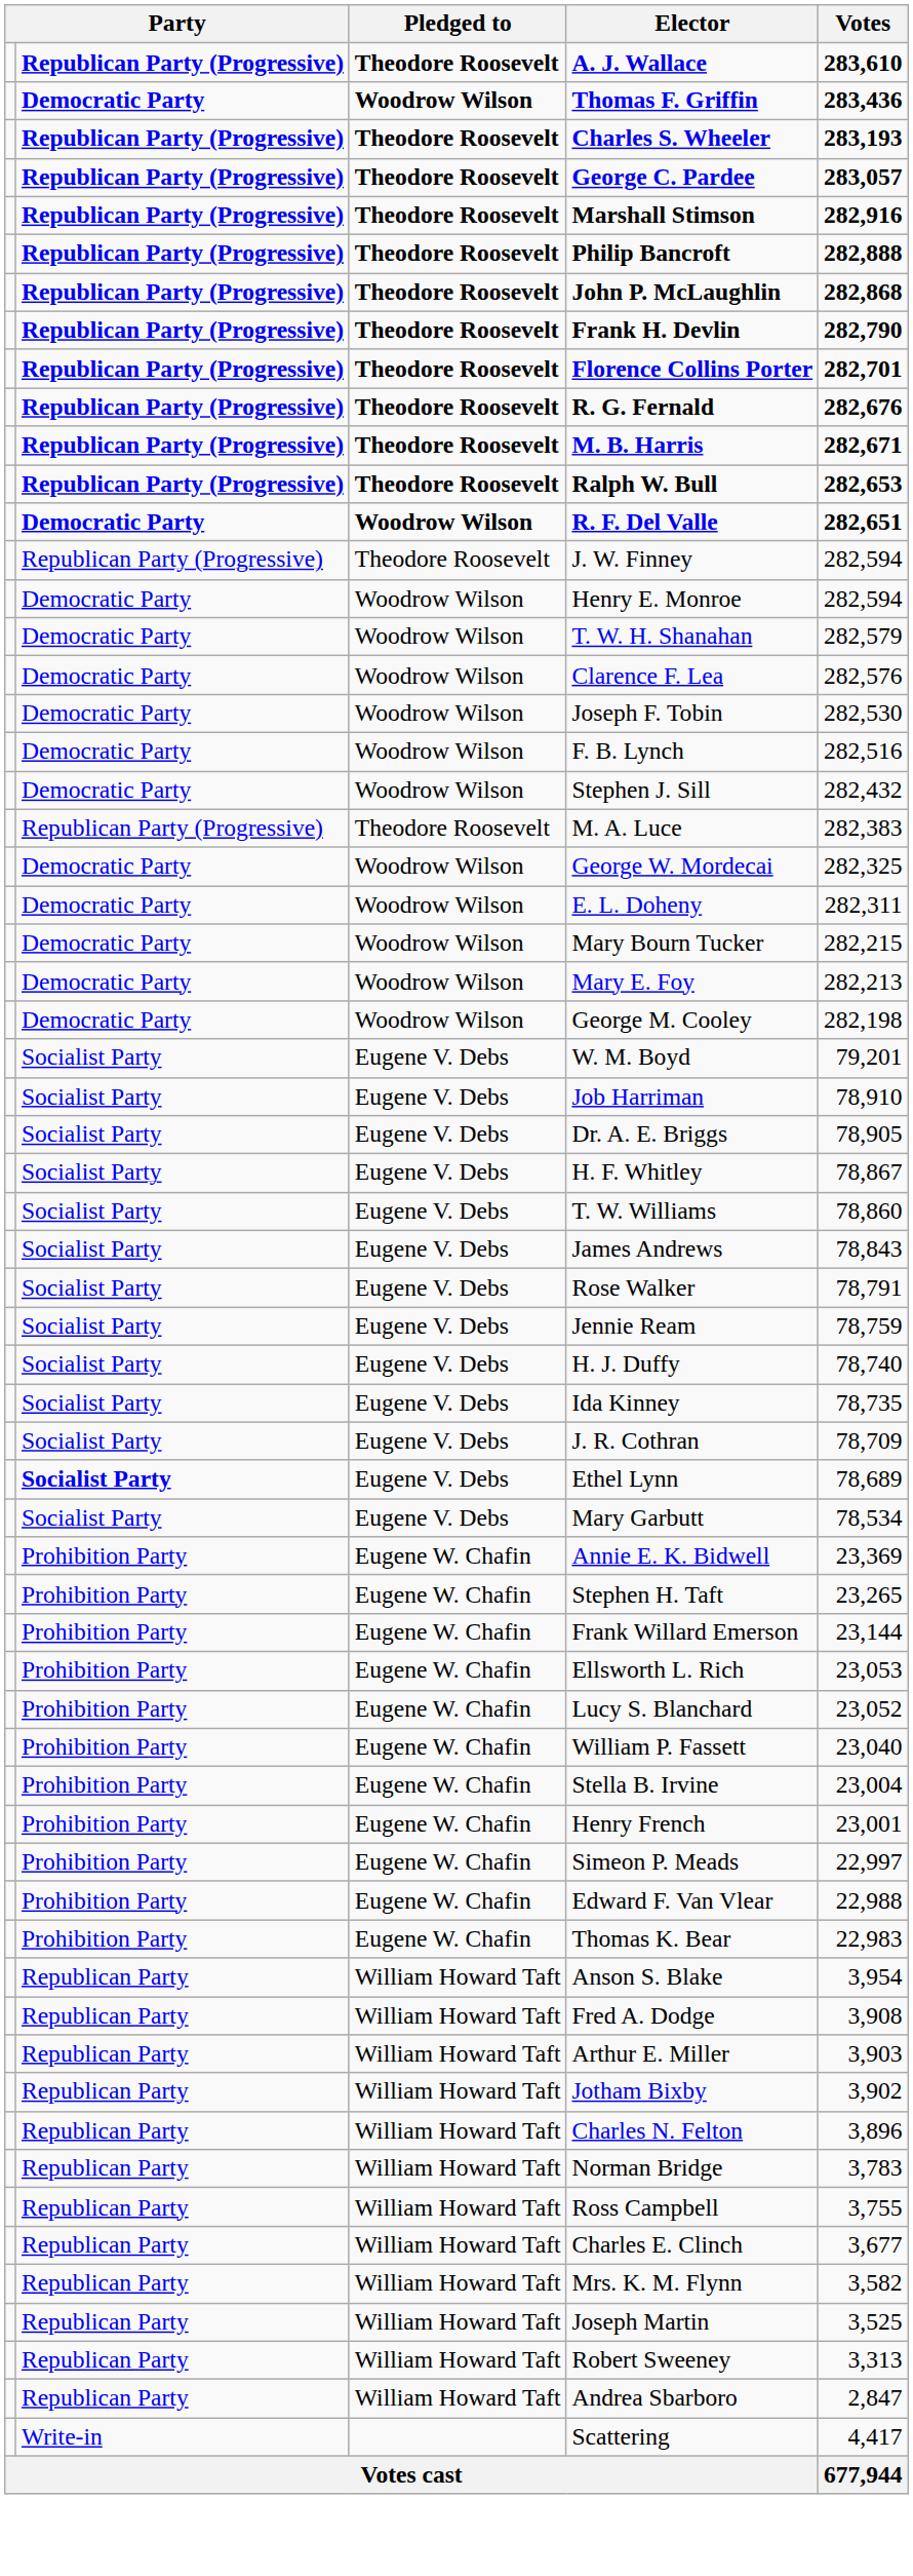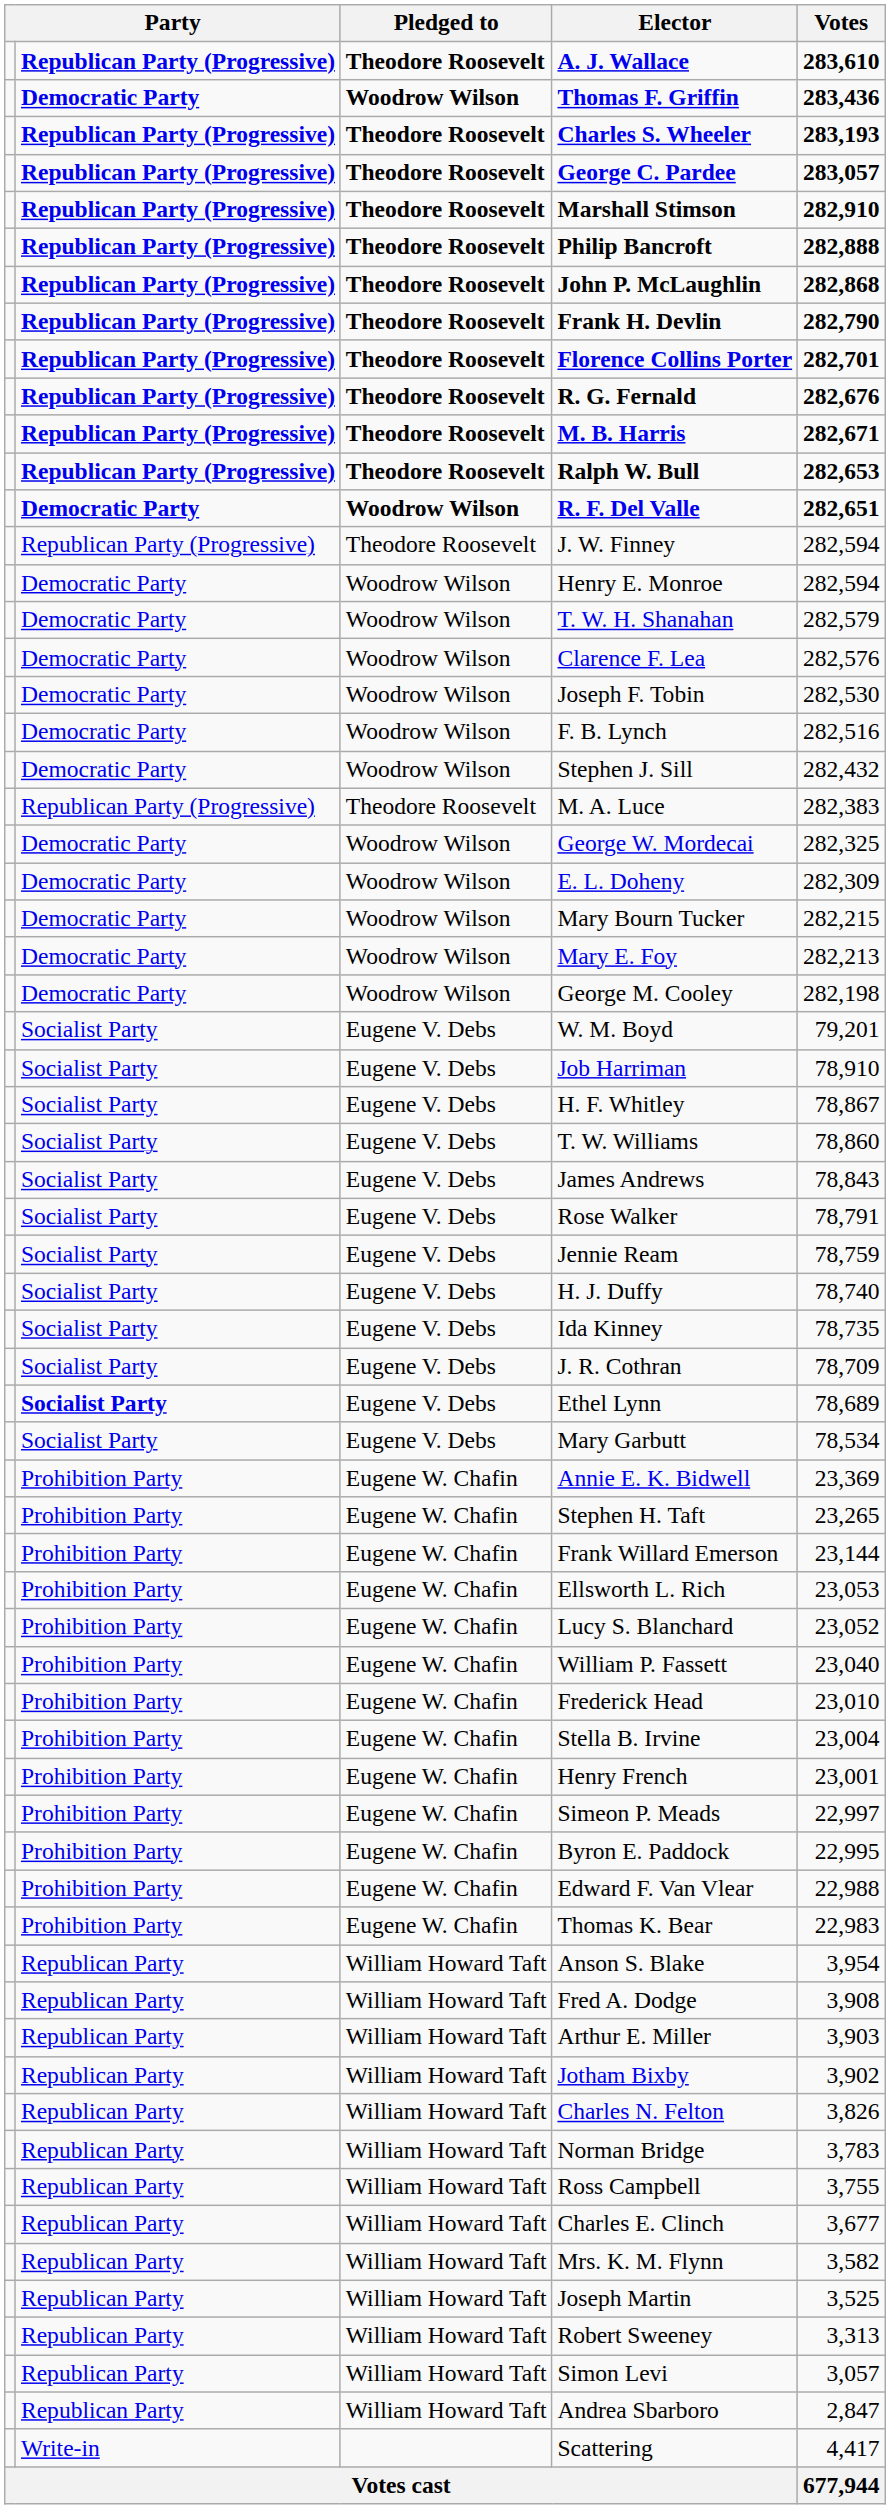 <table class="wikitable">
 <tr>
 <th colspan=2>Party</th>
 <th>Pledged to</th>
 <th>Elector</th>
 <th>Votes</th>
 </tr>
 <tr style="font-weight:bold">
 <td></td>
 <td><a href='#'>Republican Party (Progressive)</a></td>
 <td>Theodore Roosevelt</td>
 <td><a href='#'>A. J. Wallace</a></td>
 <td align=right>283,610</td>
 </tr>
 <tr style="font-weight:bold">
 <td bgcolor=></td>
 <td><a href='#'>Democratic Party</a></td>
 <td>Woodrow Wilson</td>
 <td><a href='#'>Thomas F. Griffin</a></td>
 <td align="right">283,436</td>
 </tr>
 <tr style="font-weight:bold">
 <td></td>
 <td><a href='#'>Republican Party (Progressive)</a></td>
 <td>Theodore Roosevelt</td>
 <td><a href='#'>Charles S. Wheeler</a></td>
 <td align=right>283,193</td>
 </tr>
 <tr style="font-weight:bold">
 <td></td>
 <td><a href='#'>Republican Party (Progressive)</a></td>
 <td>Theodore Roosevelt</td>
 <td><a href='#'>George C. Pardee</a></td>
 <td align=right>283,057</td>
 </tr>
 <tr style="font-weight:bold">
 <td></td>
 <td><a href='#'>Republican Party (Progressive)</a></td>
 <td>Theodore Roosevelt</td>
 <td>Marshall Stimson</td>
-<td align=right>282,916</td>
+<td align=right>282,910</td>
 </tr>
 <tr style="font-weight:bold">
 <td></td>
 <td><a href='#'>Republican Party (Progressive)</a></td>
 <td>Theodore Roosevelt</td>
 <td>Philip Bancroft</td>
 <td align=right>282,888</td>
 </tr>
 <tr style="font-weight:bold">
 <td></td>
 <td><a href='#'>Republican Party (Progressive)</a></td>
 <td>Theodore Roosevelt</td>
 <td>John P. McLaughlin</td>
 <td align=right>282,868</td>
 </tr>
 <tr style="font-weight:bold">
 <td></td>
 <td><a href='#'>Republican Party (Progressive)</a></td>
 <td>Theodore Roosevelt</td>
 <td>Frank H. Devlin</td>
 <td align=right>282,790</td>
 </tr>
 <tr style="font-weight:bold">
 <td></td>
 <td><a href='#'>Republican Party (Progressive)</a></td>
 <td>Theodore Roosevelt</td>
 <td><a href='#'>Florence Collins Porter</a></td>
 <td align=right>282,701</td>
 </tr>
 <tr style="font-weight:bold">
 <td></td>
 <td><a href='#'>Republican Party (Progressive)</a></td>
 <td>Theodore Roosevelt</td>
 <td>R. G. Fernald</td>
 <td align=right>282,676</td>
 </tr>
 <tr style="font-weight:bold">
 <td></td>
 <td><a href='#'>Republican Party (Progressive)</a></td>
 <td>Theodore Roosevelt</td>
 <td><a href='#'>M. B. Harris</a></td>
 <td align=right>282,671</td>
 </tr>
 <tr style="font-weight:bold">
 <td></td>
 <td><a href='#'>Republican Party (Progressive)</a></td>
 <td>Theodore Roosevelt</td>
 <td>Ralph W. Bull</td>
 <td align=right>282,653</td>
 </tr>
 <tr style="font-weight:bold">
 <td bgcolor=></td>
 <td><a href='#'>Democratic Party</a></td>
 <td>Woodrow Wilson</td>
 <td><a href='#'>R. F. Del Valle</a></td>
 <td align=right>282,651</td>
 </tr>
 <tr>
 <td></td>
 <td><a href='#'>Republican Party (Progressive)</a></td>
 <td>Theodore Roosevelt</td>
 <td>J. W. Finney</td>
 <td align=right>282,594</td>
 </tr>
 <tr>
 <td bgcolor=></td>
 <td><a href='#'>Democratic Party</a></td>
 <td>Woodrow Wilson</td>
 <td>Henry E. Monroe</td>
 <td align=right>282,594</td>
 </tr>
 <tr>
 <td bgcolor=></td>
 <td><a href='#'>Democratic Party</a></td>
 <td>Woodrow Wilson</td>
 <td><a href='#'>T. W. H. Shanahan</a></td>
 <td align=right>282,579</td>
 </tr>
 <tr>
 <td bgcolor=></td>
 <td><a href='#'>Democratic Party</a></td>
 <td>Woodrow Wilson</td>
 <td><a href='#'>Clarence F. Lea</a></td>
 <td align=right>282,576</td>
 </tr>
 <tr>
 <td bgcolor=></td>
 <td><a href='#'>Democratic Party</a></td>
 <td>Woodrow Wilson</td>
 <td>Joseph F. Tobin</td>
 <td align=right>282,530</td>
 </tr>
 <tr>
 <td bgcolor=></td>
 <td><a href='#'>Democratic Party</a></td>
 <td>Woodrow Wilson</td>
 <td>F. B. Lynch</td>
 <td align=right>282,516</td>
 </tr>
 <tr>
 <td bgcolor=></td>
 <td><a href='#'>Democratic Party</a></td>
 <td>Woodrow Wilson</td>
 <td>Stephen J. Sill</td>
 <td align=right>282,432</td>
 </tr>
 <tr>
 <td></td>
 <td><a href='#'>Republican Party (Progressive)</a></td>
 <td>Theodore Roosevelt</td>
 <td>M. A. Luce</td>
 <td align=right>282,383</td>
 </tr>
 <tr>
 <td bgcolor=></td>
 <td><a href='#'>Democratic Party</a></td>
 <td>Woodrow Wilson</td>
 <td><a href='#'>George W. Mordecai</a></td>
 <td align=right>282,325</td>
 </tr>
 <tr>
 <td bgcolor=></td>
 <td><a href='#'>Democratic Party</a></td>
 <td>Woodrow Wilson</td>
 <td><a href='#'>E. L. Doheny</a></td>
-<td align=right>282,311</td>
+<td align=right>282,309</td>
 </tr>
 <tr>
 <td bgcolor=></td>
 <td><a href='#'>Democratic Party</a></td>
 <td>Woodrow Wilson</td>
 <td>Mary Bourn Tucker</td>
 <td align=right>282,215</td>
 </tr>
 <tr>
 <td bgcolor=></td>
 <td><a href='#'>Democratic Party</a></td>
 <td>Woodrow Wilson</td>
 <td><a href='#'>Mary E. Foy</a></td>
 <td align=right>282,213</td>
 </tr>
 <tr>
 <td bgcolor=></td>
 <td><a href='#'>Democratic Party</a></td>
 <td>Woodrow Wilson</td>
 <td>George M. Cooley</td>
 <td align=right>282,198</td>
 </tr>
 <tr>
 <td bgcolor=></td>
 <td><a href='#'>Socialist Party</a></td>
 <td>Eugene V. Debs</td>
 <td>W. M. Boyd</td>
 <td align="right">79,201</td>
 </tr>
 <tr>
 <td bgcolor=></td>
 <td><a href='#'>Socialist Party</a></td>
 <td>Eugene V. Debs</td>
 <td><a href='#'>Job Harriman</a></td>
 <td align="right">78,910</td>
-</tr>
-<tr>
-<td bgcolor=></td>
-<td><a href='#'>Socialist Party</a></td>
-<td>Eugene V. Debs</td>
-<td>Dr. A. E. Briggs</td>
-<td align="right">78,905</td>
 </tr>
 <tr>
 <td bgcolor=></td>
 <td><a href='#'>Socialist Party</a></td>
 <td>Eugene V. Debs</td>
 <td>H. F. Whitley</td>
 <td align="right">78,867</td>
 </tr>
 <tr>
 <td bgcolor=></td>
 <td><a href='#'>Socialist Party</a></td>
 <td>Eugene V. Debs</td>
 <td>T. W. Williams</td>
 <td align="right">78,860</td>
 </tr>
 <tr>
 <td bgcolor=></td>
 <td><a href='#'>Socialist Party</a></td>
 <td>Eugene V. Debs</td>
 <td>James Andrews</td>
 <td align="right">78,843</td>
 </tr>
 <tr>
 <td bgcolor=></td>
 <td><a href='#'>Socialist Party</a></td>
 <td>Eugene V. Debs</td>
 <td>Rose Walker</td>
 <td align="right">78,791</td>
 </tr>
 <tr>
 <td bgcolor=></td>
 <td><a href='#'>Socialist Party</a></td>
 <td>Eugene V. Debs</td>
 <td>Jennie Ream</td>
 <td align="right">78,759</td>
 </tr>
 <tr>
 <td bgcolor=></td>
 <td><a href='#'>Socialist Party</a></td>
 <td>Eugene V. Debs</td>
 <td>H. J. Duffy</td>
 <td align="right">78,740</td>
 </tr>
 <tr>
 <td bgcolor=></td>
 <td><a href='#'>Socialist Party</a></td>
 <td>Eugene V. Debs</td>
 <td>Ida Kinney</td>
 <td align="right">78,735</td>
 </tr>
 <tr>
 <td bgcolor=></td>
 <td><a href='#'>Socialist Party</a></td>
 <td>Eugene V. Debs</td>
 <td>J. R. Cothran</td>
 <td align="right">78,709</td>
 </tr>
 <tr>
 <td bgcolor=></td>
 <td><strong><a href='#'>Socialist Party</a></strong></td>
 <td>Eugene V. Debs</td>
 <td>Ethel Lynn</td>
 <td align="right">78,689</td>
 </tr>
 <tr>
 <td bgcolor=></td>
 <td><a href='#'>Socialist Party</a></td>
 <td>Eugene V. Debs</td>
 <td>Mary Garbutt</td>
 <td align="right">78,534</td>
 </tr>
 <tr>
 <td></td>
 <td><a href='#'>Prohibition Party</a></td>
 <td>Eugene W. Chafin</td>
 <td><a href='#'>Annie E. K. Bidwell</a></td>
 <td align="right">23,369</td>
 </tr>
 <tr>
 <td></td>
 <td><a href='#'>Prohibition Party</a></td>
 <td>Eugene W. Chafin</td>
 <td>Stephen H. Taft</td>
 <td align="right">23,265</td>
 </tr>
 <tr>
 <td></td>
 <td><a href='#'>Prohibition Party</a></td>
 <td>Eugene W. Chafin</td>
 <td>Frank Willard Emerson</td>
 <td align="right">23,144</td>
 </tr>
 <tr>
 <td></td>
 <td><a href='#'>Prohibition Party</a></td>
 <td>Eugene W. Chafin</td>
 <td>Ellsworth L. Rich</td>
 <td align="right">23,053</td>
 </tr>
 <tr>
 <td></td>
 <td><a href='#'>Prohibition Party</a></td>
 <td>Eugene W. Chafin</td>
 <td>Lucy S. Blanchard</td>
 <td align="right">23,052</td>
 </tr>
 <tr>
 <td></td>
 <td><a href='#'>Prohibition Party</a></td>
 <td>Eugene W. Chafin</td>
 <td>William P. Fassett</td>
 <td align="right">23,040</td>
 </tr>
 <tr>
 <td></td>
 <td><a href='#'>Prohibition Party</a></td>
 <td>Eugene W. Chafin</td>
+<td>Frederick Head</td>
+<td align="right">23,010</td>
+</tr>
+<tr>
+<td></td>
+<td><a href='#'>Prohibition Party</a></td>
+<td>Eugene W. Chafin</td>
 <td>Stella B. Irvine</td>
 <td align="right">23,004</td>
 </tr>
 <tr>
 <td></td>
 <td><a href='#'>Prohibition Party</a></td>
 <td>Eugene W. Chafin</td>
 <td>Henry French</td>
 <td align="right">23,001</td>
 </tr>
 <tr>
 <td></td>
 <td><a href='#'>Prohibition Party</a></td>
 <td>Eugene W. Chafin</td>
 <td>Simeon P. Meads</td>
 <td align="right">22,997</td>
+</tr>
+<tr>
+<td></td>
+<td><a href='#'>Prohibition Party</a></td>
+<td>Eugene W. Chafin</td>
+<td>Byron E. Paddock</td>
+<td align="right">22,995</td>
 </tr>
 <tr>
 <td></td>
 <td><a href='#'>Prohibition Party</a></td>
 <td>Eugene W. Chafin</td>
 <td>Edward F. Van Vlear</td>
 <td align="right">22,988</td>
 </tr>
 <tr>
 <td></td>
 <td><a href='#'>Prohibition Party</a></td>
 <td>Eugene W. Chafin</td>
 <td>Thomas K. Bear</td>
 <td align="right">22,983</td>
 </tr>
 <tr>
 <td></td>
 <td><a href='#'>Republican Party</a></td>
 <td>William Howard Taft</td>
 <td>Anson S. Blake</td>
 <td align="right">3,954</td>
 </tr>
 <tr>
 <td></td>
 <td><a href='#'>Republican Party</a></td>
 <td>William Howard Taft</td>
 <td>Fred A. Dodge</td>
 <td align="right">3,908</td>
 </tr>
 <tr>
 <td></td>
 <td><a href='#'>Republican Party</a></td>
 <td>William Howard Taft</td>
 <td>Arthur E. Miller</td>
 <td align="right">3,903</td>
 </tr>
 <tr>
 <td></td>
 <td><a href='#'>Republican Party</a></td>
 <td>William Howard Taft</td>
 <td><a href='#'>Jotham Bixby</a></td>
 <td align="right">3,902</td>
 </tr>
 <tr>
 <td></td>
 <td><a href='#'>Republican Party</a></td>
 <td>William Howard Taft</td>
 <td><a href='#'>Charles N. Felton</a></td>
-<td align="right">3,896</td>
+<td align="right">3,826</td>
 </tr>
 <tr>
 <td></td>
 <td><a href='#'>Republican Party</a></td>
 <td>William Howard Taft</td>
 <td>Norman Bridge</td>
 <td align="right">3,783</td>
 </tr>
 <tr>
 <td></td>
 <td><a href='#'>Republican Party</a></td>
 <td>William Howard Taft</td>
 <td>Ross Campbell</td>
 <td align="right">3,755</td>
 </tr>
 <tr>
 <td></td>
 <td><a href='#'>Republican Party</a></td>
 <td>William Howard Taft</td>
 <td>Charles E. Clinch</td>
 <td align="right">3,677</td>
 </tr>
 <tr>
 <td></td>
 <td><a href='#'>Republican Party</a></td>
 <td>William Howard Taft</td>
 <td>Mrs. K. M. Flynn</td>
 <td align="right">3,582</td>
 </tr>
 <tr>
 <td></td>
 <td><a href='#'>Republican Party</a></td>
 <td>William Howard Taft</td>
 <td>Joseph Martin</td>
 <td align="right">3,525</td>
 </tr>
 <tr>
 <td></td>
 <td><a href='#'>Republican Party</a></td>
 <td>William Howard Taft</td>
 <td>Robert Sweeney</td>
 <td align="right">3,313</td>
 </tr>
 <tr>
 <td></td>
 <td><a href='#'>Republican Party</a></td>
 <td>William Howard Taft</td>
+<td>Simon Levi</td>
+<td align="right">3,057</td>
+</tr>
+<tr>
+<td></td>
+<td><a href='#'>Republican Party</a></td>
+<td>William Howard Taft</td>
 <td>Andrea Sbarboro</td>
 <td align="right">2,847</td>
 </tr>
 <tr>
 <td></td>
 <td><a href='#'>Write-in</a></td>
 <td></td>
 <td>Scattering</td>
 <td align="right">4,417</td>
 </tr>
 <tr>
 <th colspan="4">Votes cast</th>
 <th>677,944</th>
 </tr>
 </table>
